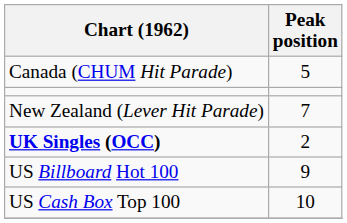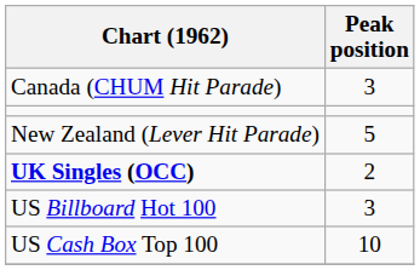 <table class="wikitable sortable">
 <tr>
 <th>Chart (1962)</th>
 <th>Peak<br>position</th>
 </tr>
 <tr>
 <td>Canada (<a href='#'>CHUM</a> <em>Hit Parade</em>)</td>
-<td style="text-align:center;">5</td>
+<td style="text-align:center;">3</td>
 </tr>
 <tr>
 <td></td>
 </tr>
 <tr>
 <td>New Zealand (<em>Lever Hit Parade</em>)</td>
-<td style="text-align:center;">7</td>
+<td style="text-align:center;">5</td>
 </tr>
 <tr>
 <td><strong><a href='#'>UK Singles</a> (<a href='#'>OCC</a>)</strong></td>
 <td style="text-align:center;">2</td>
 </tr>
 <tr>
 <td>US <em><a href='#'>Billboard</a></em> <a href='#'>Hot 100</a></td>
-<td style="text-align:center;">9</td>
+<td style="text-align:center;">3</td>
 </tr>
 <tr>
 <td>US <a href='#'><em>Cash Box</em></a> Top 100</td>
 <td align="center">10</td>
 </tr>
 <tr>
 </tr>
 </table>
